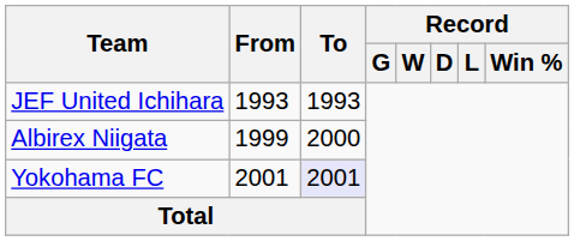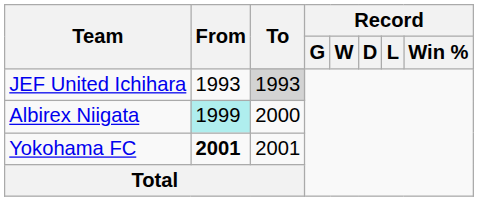 <table class="wikitable" style="text-align: center">
 <tr>
 <th rowspan="2">Team</th>
 <th rowspan="2">From</th>
 <th rowspan="2">To</th>
 <th colspan="5">Record</th>
 </tr>
 <tr>
 <th>G</th>
 <th>W</th>
 <th>D</th>
 <th>L</th>
 <th>Win %</th>
 </tr>
 <tr>
 <td align="left"><a href='#'>JEF United Ichihara</a></td>
 <td align="left">1993</td>
-<td align="left">1993<br></td>
+<td align="left" style="background: lightgrey;">1993<br></td>
 </tr>
 <tr>
 <td align="left"><a href='#'>Albirex Niigata</a></td>
-<td align="left">1999</td>
+<td align="left" style="background: paleturquoise;">1999</td>
 <td align="left">2000<br></td>
 </tr>
 <tr>
 <td align="left"><a href='#'>Yokohama FC</a></td>
-<td align="left">2001</td>
-<td align="left" style="background: lavender;">2001<br></td>
+<td align="left"><strong>2001</strong></td>
+<td align="left">2001<br></td>
 </tr>
 <tr>
 <th colspan="3">Total<br></th>
 </tr>
 </table>
